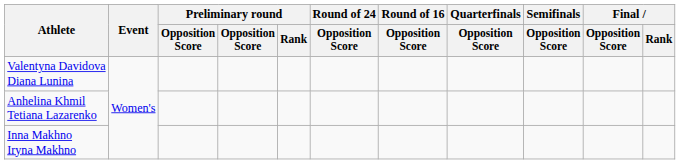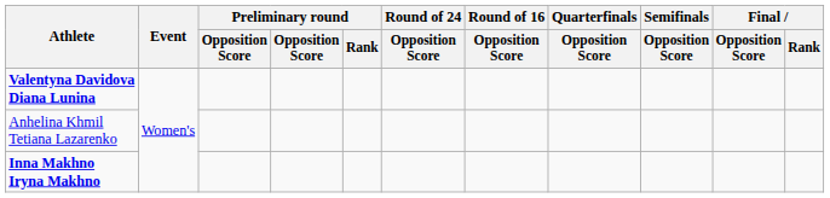 <table class=wikitable style=font-size:90%;text-align:center>
 <tr>
 <th rowspan=2>Athlete</th>
 <th rowspan=2>Event</th>
 <th colspan=3>Preliminary round</th>
 <th>Round of 24</th>
 <th>Round of 16</th>
 <th>Quarterfinals</th>
 <th>Semifinals</th>
 <th colspan=2>Final / </th>
 </tr>
 <tr style=font-size:95%>
 <th>Opposition<br>Score</th>
 <th>Opposition<br>Score</th>
 <th>Rank</th>
 <th>Opposition<br>Score</th>
 <th>Opposition<br>Score</th>
 <th>Opposition<br>Score</th>
 <th>Opposition<br>Score</th>
 <th>Opposition<br>Score</th>
 <th>Rank</th>
 </tr>
 <tr>
-<td align=left><a href='#'>Valentyna Davidova</a><br><a href='#'>Diana Lunina</a></td>
+<td align=left><strong><a href='#'>Valentyna Davidova</a><br><a href='#'>Diana Lunina</a></strong></td>
 <td align=left rowspan=3><a href='#'>Women's</a></td>
 <td></td>
 <td></td>
 <td></td>
 <td></td>
 <td></td>
 <td></td>
 <td></td>
 <td></td>
 <td></td>
 </tr>
 <tr>
 <td align=left><a href='#'>Anhelina Khmil</a><br><a href='#'>Tetiana Lazarenko</a></td>
 <td></td>
 <td></td>
 <td></td>
 <td></td>
 <td></td>
 <td></td>
 <td></td>
 <td></td>
 <td></td>
 </tr>
 <tr>
-<td align=left><a href='#'>Inna Makhno</a><br><a href='#'>Iryna Makhno</a></td>
+<td align=left><strong><a href='#'>Inna Makhno</a><br><a href='#'>Iryna Makhno</a></strong></td>
 <td></td>
 <td></td>
 <td></td>
 <td></td>
 <td></td>
 <td></td>
 <td></td>
 <td></td>
 <td></td>
 </tr>
 </table>
